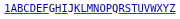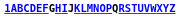 <table id="toc" class="toc" summary="Class" align="center" style="text-align:center;">
 <tr>
 <th></th>
 </tr>
 <tr>
-<td><a href='#'>1</a><a href='#'>A</a><a href='#'>B</a><a href='#'>C</a><a href='#'>D</a><a href='#'>E</a><a href='#'>F</a><span>G</span><a href='#'>H</a><a href='#'>I</a><span>J</span><a href='#'>K</a><a href='#'>L</a><a href='#'>M</a><a href='#'>N</a><a href='#'>O</a><a href='#'>P</a><span>Q</span><a href='#'>R</a><a href='#'>S</a><a href='#'>T</a><a href='#'>U</a><a href='#'>V</a><a href='#'>W</a><a href='#'>X</a><a href='#'>Y</a><a href='#'>Z</a></td>
+<td><strong><a href='#'>1</a><a href='#'>A</a><a href='#'>B</a><a href='#'>C</a><a href='#'>D</a><a href='#'>E</a><a href='#'>F</a><span>G</span><a href='#'>H</a><a href='#'>I</a><span>J</span><a href='#'>K</a><a href='#'>L</a><a href='#'>M</a><a href='#'>N</a><a href='#'>O</a><a href='#'>P</a><span>Q</span><a href='#'>R</a><a href='#'>S</a><a href='#'>T</a><a href='#'>U</a><a href='#'>V</a><a href='#'>W</a><a href='#'>X</a><a href='#'>Y</a><a href='#'>Z</a></strong></td>
 </tr>
 </table>
